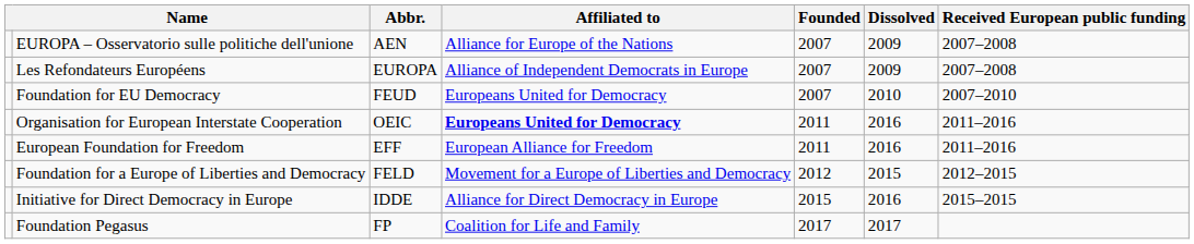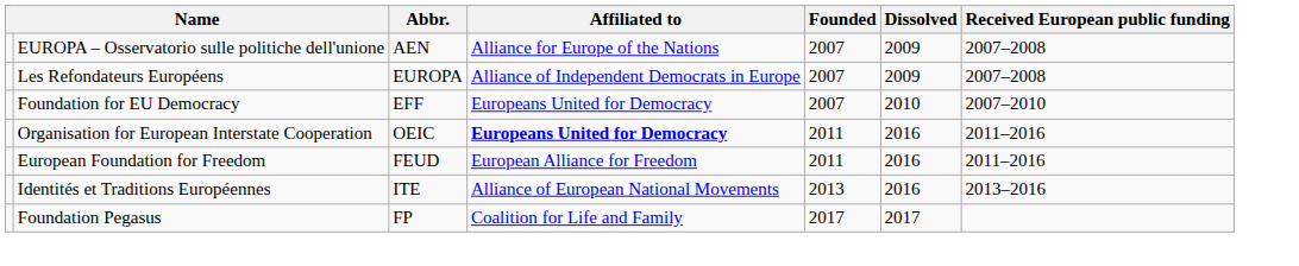 <table class="wikitable centre sortable">
 <tr>
 <th colspan="2">Name</th>
 <th>Abbr.</th>
 <th>Affiliated to</th>
 <th>Founded</th>
 <th>Dissolved</th>
 <th>Received European public funding</th>
 </tr>
 <tr>
 <td></td>
 <td>EUROPA – Osservatorio sulle politiche dell'unione</td>
 <td>AEN</td>
 <td><a href='#'>Alliance for Europe of the Nations</a></td>
 <td>2007</td>
 <td>2009</td>
 <td>2007–2008</td>
 </tr>
 <tr>
 <td></td>
 <td>Les Refondateurs Européens</td>
 <td>EUROPA</td>
 <td><a href='#'>Alliance of Independent Democrats in Europe</a></td>
 <td>2007</td>
 <td>2009</td>
 <td>2007–2008</td>
 </tr>
 <tr>
 <td></td>
 <td>Foundation for EU Democracy</td>
-<td>FEUD</td>
+<td>EFF</td>
 <td><a href='#'>Europeans United for Democracy</a></td>
 <td>2007</td>
 <td>2010</td>
 <td>2007–2010</td>
 </tr>
 <tr>
 <td></td>
 <td>Organisation for European Interstate Cooperation</td>
 <td>OEIC</td>
 <td><strong><a href='#'>Europeans United for Democracy</a></strong></td>
 <td>2011</td>
 <td>2016</td>
 <td>2011–2016</td>
 </tr>
 <tr>
 <td></td>
 <td>European Foundation for Freedom</td>
-<td>EFF</td>
+<td>FEUD</td>
 <td><a href='#'>European Alliance for Freedom</a></td>
 <td>2011</td>
 <td>2016</td>
 <td>2011–2016</td>
 </tr>
 <tr>
 <td></td>
-<td>Foundation for a Europe of Liberties and Democracy</td>
-<td>FELD</td>
-<td><a href='#'>Movement for a Europe of Liberties and Democracy</a></td>
-<td>2012</td>
-<td>2015</td>
-<td>2012–2015</td>
-</tr>
-<tr>
-<td></td>
-<td>Initiative for Direct Democracy in Europe</td>
-<td>IDDE</td>
-<td><a href='#'>Alliance for Direct Democracy in Europe</a></td>
-<td>2015</td>
+<td>Identités et Traditions Européennes</td>
+<td>ITE</td>
+<td><a href='#'>Alliance of European National Movements</a></td>
+<td>2013</td>
 <td>2016</td>
-<td>2015–2015</td>
+<td>2013–2016</td>
 </tr>
 <tr>
 <td></td>
 <td>Foundation Pegasus</td>
 <td>FP</td>
 <td><a href='#'>Coalition for Life and Family</a></td>
 <td>2017</td>
 <td>2017</td>
 <td></td>
 </tr>
 </table>
